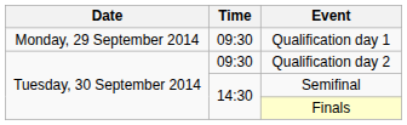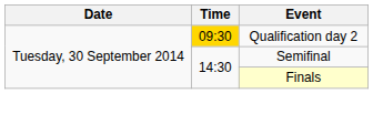 <table class = "wikitable" style="text-align:center;">
 <tr>
 <th width=220>Date</th>
 <th width=50>Time</th>
 <th width=150>Event</th>
 </tr>
 <tr>
-<td>Monday, 29 September 2014</td>
-<td>09:30</td>
-<td>Qualification day 1</td>
-</tr>
-<tr>
 <td rowspan=3>Tuesday, 30 September 2014</td>
-<td>09:30</td>
+<td style="background: gold;">09:30</td>
 <td>Qualification day 2</td>
 </tr>
 <tr>
 <td rowspan=2>14:30</td>
 <td>Semifinal</td>
 </tr>
 <tr>
 <td bgcolor=ffffcc>Finals</td>
 </tr>
 </table>
